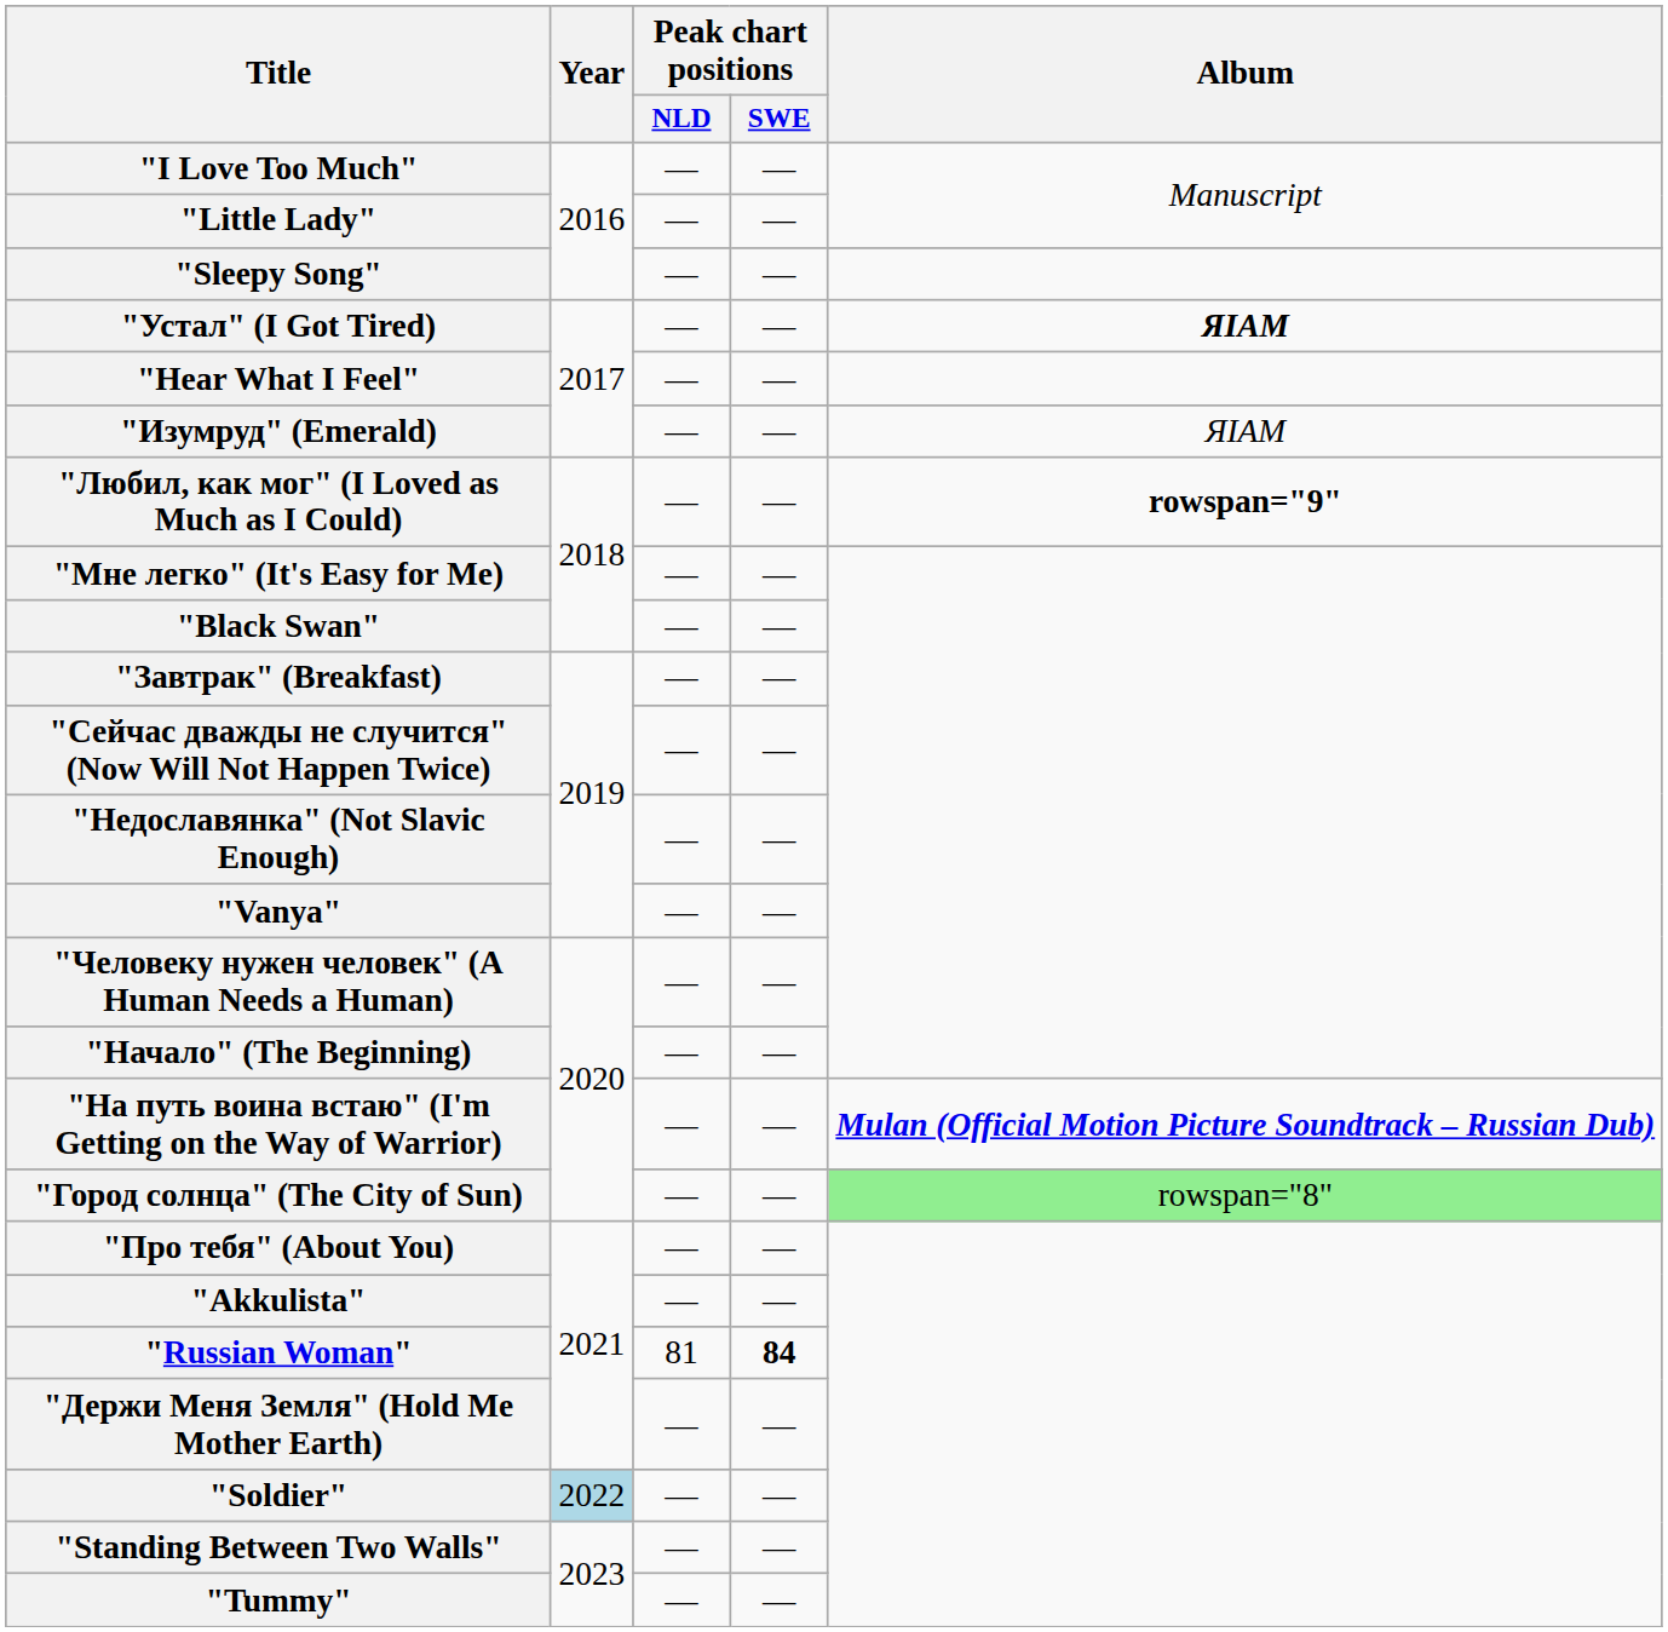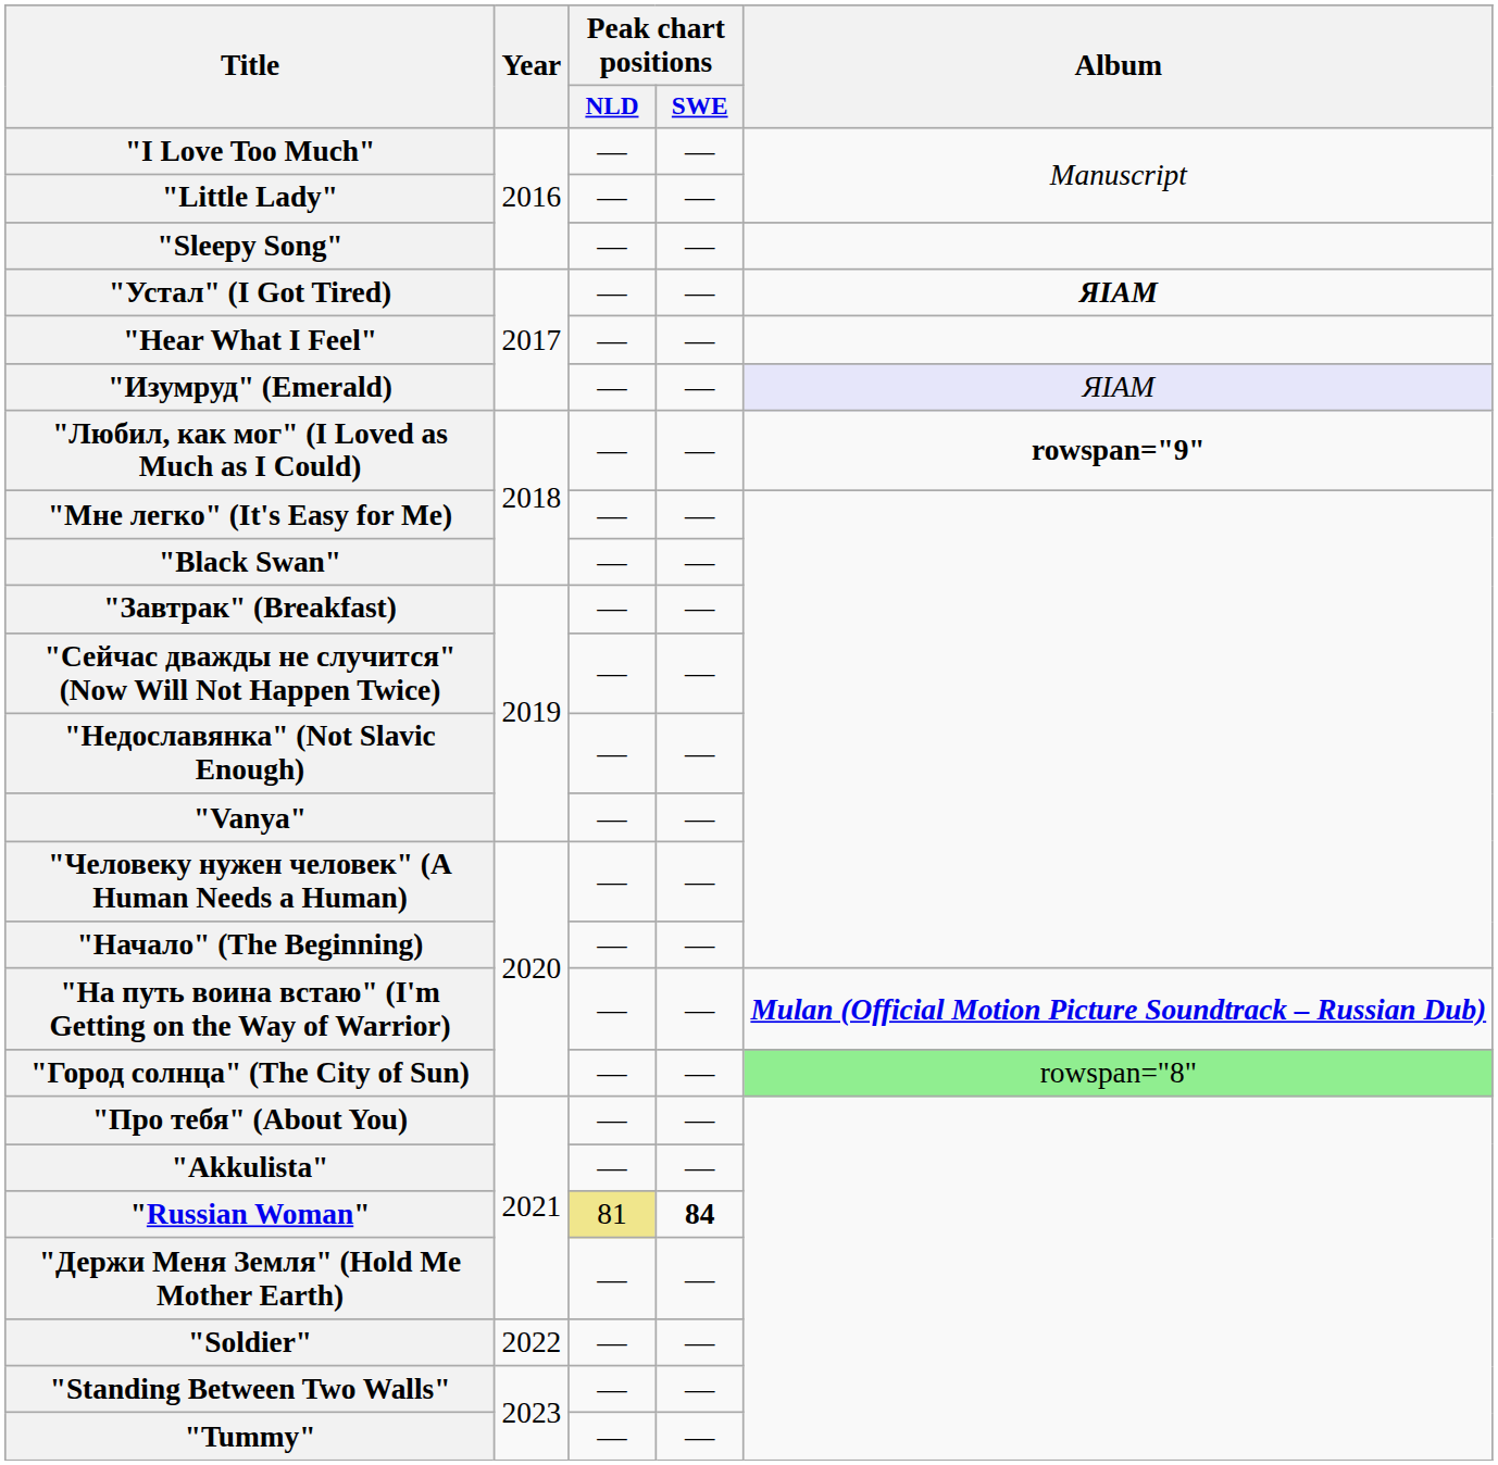 <table class="wikitable plainrowheaders" style="text-align:center">
 <tr>
 <th scope="col" rowspan="2" style="width:16em;">Title</th>
 <th scope="col" rowspan="2" style="width:1em;">Year</th>
 <th scope="col" colspan="2">Peak chart positions</th>
 <th scope="col" rowspan="2">Album</th>
 </tr>
 <tr>
 <th scope="col" style="width:3em;font-size:85%;"><a href='#'>NLD</a><br></th>
 <th scope="col" style="width:3em;font-size:85%;"><a href='#'>SWE</a><br></th>
 </tr>
 <tr>
 <th scope="row">"I Love Too Much"</th>
 <td rowspan="3">2016</td>
 <td>—</td>
 <td>—</td>
 <td rowspan="2"><em>Manuscript</em></td>
 </tr>
 <tr>
 <th scope="row">"Little Lady"</th>
 <td>—</td>
 <td>—</td>
 </tr>
 <tr>
 <th scope="row">"Sleepy Song"<br></th>
 <td>—</td>
 <td>—</td>
 <td></td>
 </tr>
 <tr>
 <th scope="row">"Устал" (I Got Tired)</th>
 <td rowspan="3">2017</td>
 <td>—</td>
 <td>—</td>
 <td><strong><em>ЯIAM</em></strong></td>
 </tr>
 <tr>
 <th scope="row">"Hear What I Feel"</th>
 <td>—</td>
 <td>—</td>
 <td></td>
 </tr>
 <tr>
 <th scope="row">"Изумруд" (Emerald)</th>
 <td>—</td>
 <td>—</td>
-<td><em>ЯIAM</em></td>
+<td style="background: lavender;"><em>ЯIAM</em></td>
 </tr>
 <tr>
 <th scope="row">"Любил, как мог" (I Loved as Much as I Could)</th>
 <td rowspan="3">2018</td>
 <td>—</td>
 <td>—</td>
 <td><strong>rowspan="9" </strong></td>
 </tr>
 <tr>
 <th scope="row">"Мне легко" (It's Easy for Me)</th>
 <td>—</td>
 <td>—</td>
 </tr>
 <tr>
 <th scope="row">"Black Swan"<br></th>
 <td>—</td>
 <td>—</td>
 </tr>
 <tr>
 <th scope="row">"Завтрак" (Breakfast)</th>
 <td rowspan="4">2019</td>
 <td>—</td>
 <td>—</td>
 </tr>
 <tr>
 <th scope="row">"Сейчас дважды не случится" (Now Will Not Happen Twice)</th>
 <td>—</td>
 <td>—</td>
 </tr>
 <tr>
 <th scope="row">"Недославянка" (Not Slavic Enough)</th>
 <td>—</td>
 <td>—</td>
 </tr>
 <tr>
 <th scope="row">"Vanya"</th>
 <td>—</td>
 <td>—</td>
 </tr>
 <tr>
 <th scope="row">"Человеку нужен человек" (A Human Needs a Human)</th>
 <td rowspan="4">2020</td>
 <td>—</td>
 <td>—</td>
 </tr>
 <tr>
 <th scope="row">"Начало" (The Beginning)</th>
 <td>—</td>
 <td>—</td>
 </tr>
 <tr>
 <th scope="row">"На путь воина встаю" (I'm Getting on the Way of Warrior)</th>
 <td>—</td>
 <td>—</td>
 <td><strong><em><a href='#'>Mulan (Official Motion Picture Soundtrack – Russian Dub)</a></em></strong></td>
 </tr>
 <tr>
 <th scope="row">"Город солнца" (The City of Sun)</th>
 <td>—</td>
 <td>—</td>
 <td style="background: lightgreen;">rowspan="8" </td>
 </tr>
 <tr>
 <th scope="row">"Про тебя" (About You)</th>
 <td rowspan="4">2021</td>
 <td>—</td>
 <td>—</td>
 </tr>
 <tr>
 <th scope="row">"Akkulista"<br></th>
 <td>—</td>
 <td>—</td>
 </tr>
 <tr>
 <th scope="row">"<a href='#'>Russian Woman</a>"</th>
-<td>81</td>
+<td style="background: khaki;">81</td>
 <td><strong>84</strong></td>
 </tr>
 <tr>
 <th scope="row">"Держи Меня Земля" (Hold Me Mother Earth)</th>
 <td>—</td>
 <td>—</td>
 </tr>
 <tr>
 <th scope="row">"Soldier"</th>
-<td style="background: lightblue;">2022</td>
+<td>2022</td>
 <td>—</td>
 <td>—</td>
 </tr>
 <tr>
 <th scope="row">"Standing Between Two Walls"</th>
 <td rowspan="2">2023</td>
 <td>—</td>
 <td>—</td>
 </tr>
 <tr>
 <th scope="row">"Tummy"</th>
 <td>—</td>
 <td>—</td>
 </tr>
 </table>
